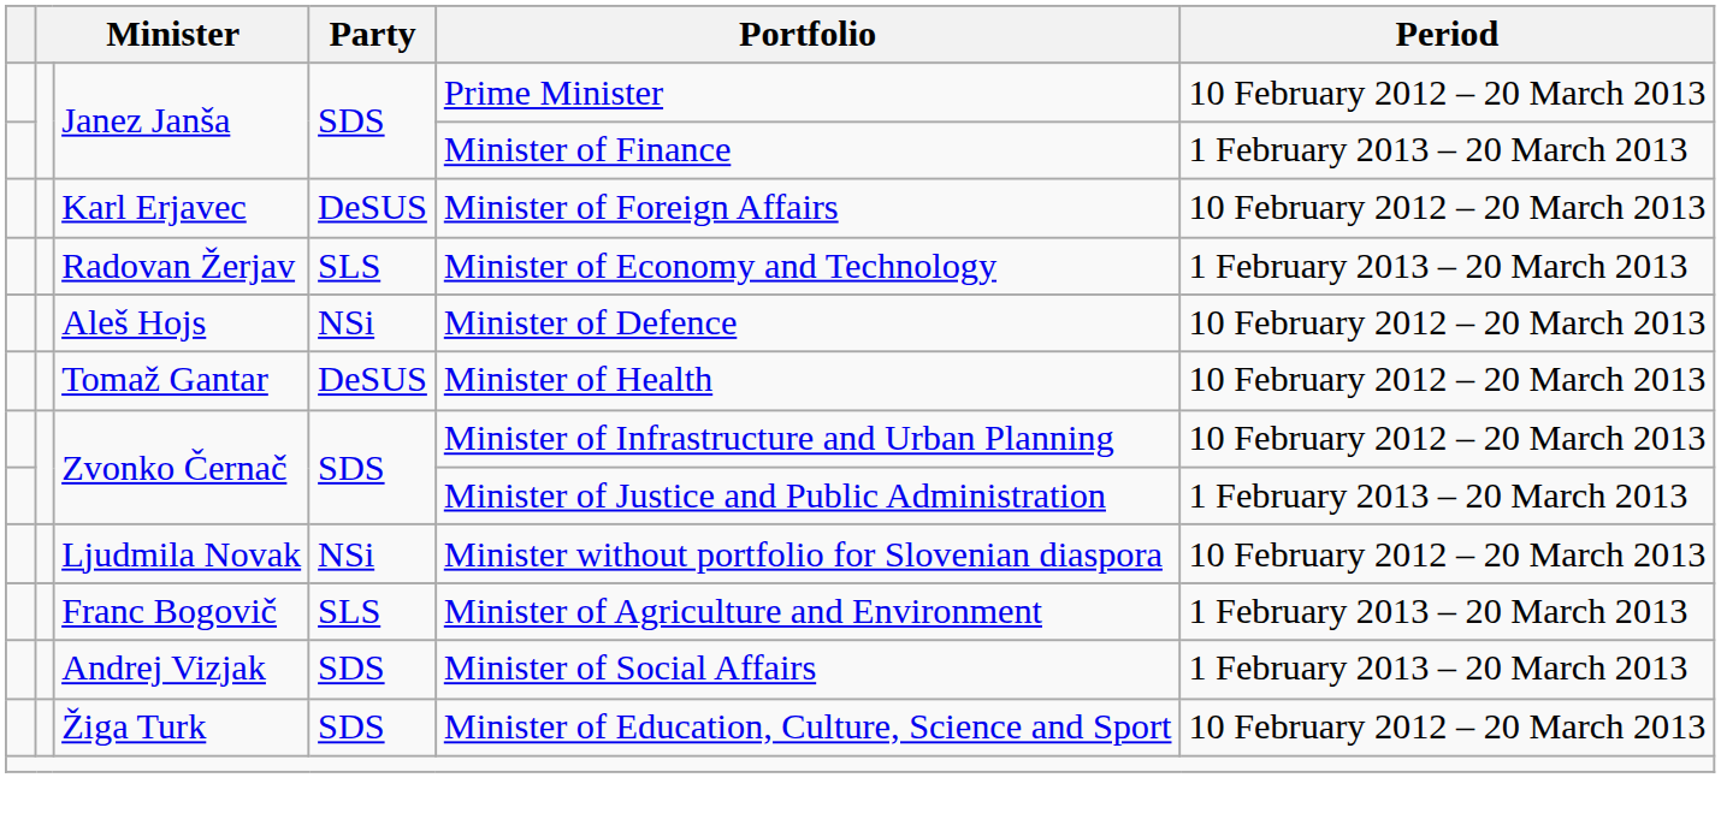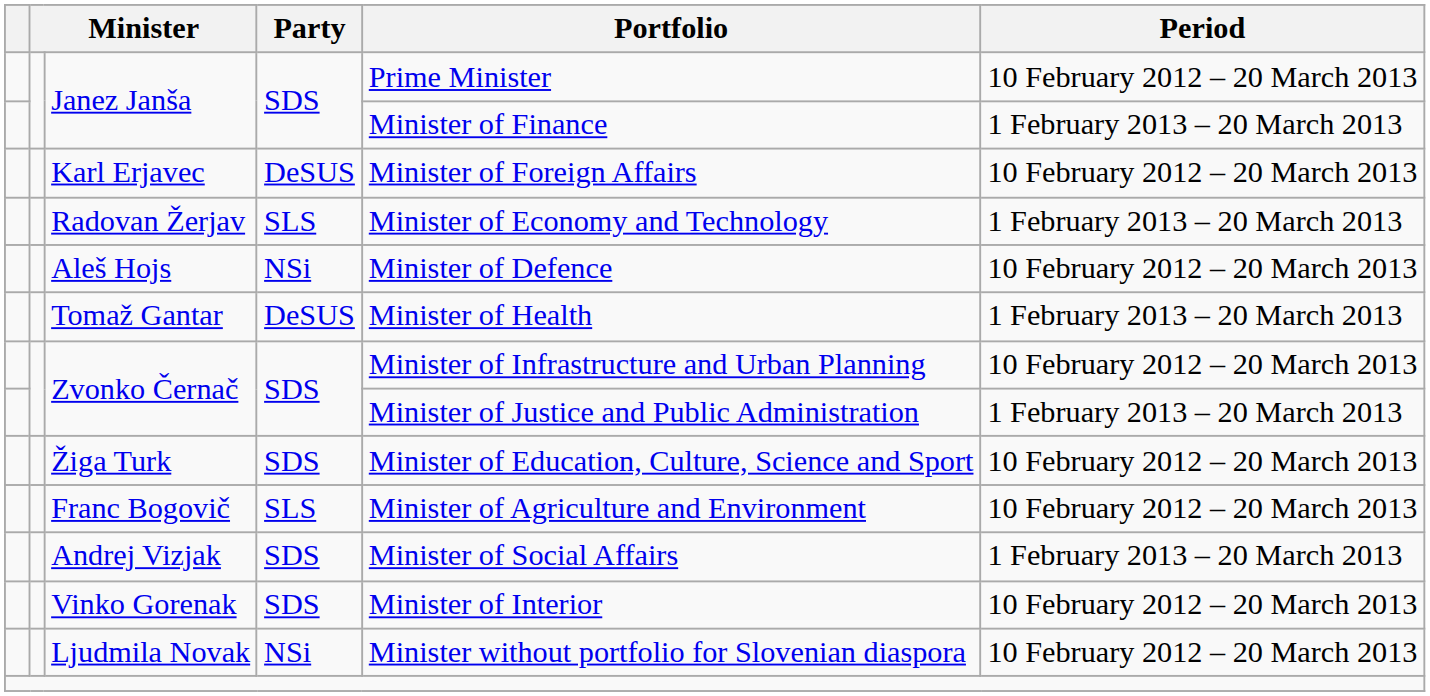 <table class="wikitable">
 <tr>
 <th colspan="1" width=6px></th>
 <th colspan="2">Minister</th>
 <th>Party</th>
 <th>Portfolio</th>
 <th>Period</th>
 </tr>
 <tr>
 <td style="background-color: "></td>
 <td rowspan="2"></td>
 <td rowspan="2"><a href='#'>Janez Janša</a></td>
 <td rowspan="2"><a href='#'>SDS</a></td>
 <td><a href='#'>Prime Minister</a></td>
 <td>10 February 2012 – 20 March 2013</td>
 </tr>
 <tr>
 <td style="background-color: "></td>
 <td><a href='#'>Minister of Finance</a></td>
 <td>1 February 2013 – 20 March 2013</td>
 </tr>
 <tr>
 <td style="background-color: "></td>
 <td></td>
 <td><a href='#'>Karl Erjavec</a></td>
 <td><a href='#'>DeSUS</a></td>
 <td><a href='#'>Minister of Foreign Affairs</a></td>
 <td>10 February 2012 – 20 March 2013</td>
 </tr>
 <tr>
 <td style="background-color: "></td>
 <td></td>
 <td><a href='#'>Radovan Žerjav</a></td>
 <td><a href='#'>SLS</a></td>
 <td><a href='#'>Minister of Economy and Technology</a></td>
 <td>1 February 2013 – 20 March 2013</td>
 </tr>
 <tr>
 <td style="background-color: "></td>
 <td></td>
 <td><a href='#'>Aleš Hojs</a></td>
 <td><a href='#'>NSi</a></td>
 <td><a href='#'>Minister of Defence</a></td>
 <td>10 February 2012 – 20 March 2013</td>
 </tr>
 <tr>
 <td style="background-color: "></td>
 <td></td>
 <td><a href='#'>Tomaž Gantar</a></td>
 <td><a href='#'>DeSUS</a></td>
 <td><a href='#'>Minister of Health</a></td>
-<td>10 February 2012 – 20 March 2013</td>
+<td>1 February 2013 – 20 March 2013</td>
 </tr>
 <tr>
 <td style="background-color: "></td>
 <td rowspan="2"></td>
 <td rowspan="2"><a href='#'>Zvonko Černač</a></td>
 <td rowspan="2"><a href='#'>SDS</a></td>
 <td><a href='#'>Minister of Infrastructure and Urban Planning</a></td>
 <td>10 February 2012 – 20 March 2013</td>
 </tr>
 <tr>
 <td style="background-color: "></td>
 <td><a href='#'>Minister of Justice and Public Administration</a></td>
 <td>1 February 2013 – 20 March 2013</td>
 </tr>
 <tr>
 <td style="background-color: "></td>
 <td></td>
-<td><a href='#'>Ljudmila Novak</a></td>
-<td><a href='#'>NSi</a></td>
-<td><a href='#'>Minister without portfolio for Slovenian diaspora</a></td>
+<td><a href='#'>Žiga Turk</a></td>
+<td><a href='#'>SDS</a></td>
+<td><a href='#'>Minister of Education, Culture, Science and Sport</a></td>
 <td>10 February 2012 – 20 March 2013</td>
 </tr>
 <tr>
 <td style="background-color: "></td>
 <td></td>
 <td><a href='#'>Franc Bogovič</a></td>
 <td><a href='#'>SLS</a></td>
 <td><a href='#'>Minister of Agriculture and Environment</a></td>
-<td>1 February 2013 – 20 March 2013</td>
+<td>10 February 2012 – 20 March 2013</td>
 </tr>
 <tr>
 <td style="background-color: "></td>
 <td></td>
 <td><a href='#'>Andrej Vizjak</a></td>
 <td><a href='#'>SDS</a></td>
 <td><a href='#'>Minister of Social Affairs</a></td>
 <td>1 February 2013 – 20 March 2013</td>
 </tr>
 <tr>
 <td style="background-color: "></td>
 <td></td>
-<td><a href='#'>Žiga Turk</a></td>
+<td><a href='#'>Vinko Gorenak</a></td>
 <td><a href='#'>SDS</a></td>
-<td><a href='#'>Minister of Education, Culture, Science and Sport</a></td>
+<td><a href='#'>Minister of Interior</a></td>
+<td>10 February 2012 – 20 March 2013</td>
+</tr>
+<tr>
+<td style="background-color: "></td>
+<td></td>
+<td><a href='#'>Ljudmila Novak</a></td>
+<td><a href='#'>NSi</a></td>
+<td><a href='#'>Minister without portfolio for Slovenian diaspora</a></td>
 <td>10 February 2012 – 20 March 2013</td>
 </tr>
 <tr>
 <td colspan=6></td>
 </tr>
 </table>
